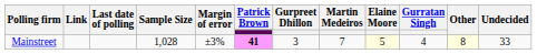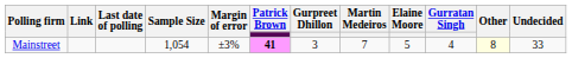 <table class="wikitable sortable tpl-blanktable" style="text-align:center; line-height:14px;font-size:90%;">
 <tr>
 <th rowspan="2">Polling firm</th>
 <th rowspan="2" class="unsortable">Link</th>
 <th rowspan="2">Last date<br>of polling</th>
 <th rowspan="2" class="unsortable">Sample Size</th>
 <th rowspan="2">Margin<br>of error</th>
 <th style="width:25px;"><a href='#'>Patrick Brown</a></th>
 <th style="width:25px;">Gurpreet Dhillon</th>
 <th style="width:25px;">Martin Medeiros</th>
 <th style="width:25px;">Elaine Moore</th>
 <th style="width:25px;"><a href='#'>Gurratan Singh</a></th>
 <th rowspan="2" style="width:25px;">Other</th>
 <th rowspan="2" style="width:25px;">Undecided</th>
 </tr>
 <tr class="sorttop">
 <th style="background-color:#550056;"></th>
 <th style="background-color:"></th>
 <th style="background-color:"></th>
 <th style="background-color:"></th>
 <th style="background-color:"></th>
 </tr>
 <tr>
 <td><a href='#'>Mainstreet</a></td>
 <td></td>
 <td></td>
-<td>1,028</td>
+<td>1,054</td>
 <td>±3%</td>
 <td style="background-color:#fd9bff;"><strong>41</strong></td>
 <td>3</td>
 <td>7</td>
-<td style="background: lightyellow;">5</td>
+<td>5</td>
 <td>4</td>
 <td style="background: lightyellow;">8</td>
 <td>33</td>
 </tr>
 </table>
